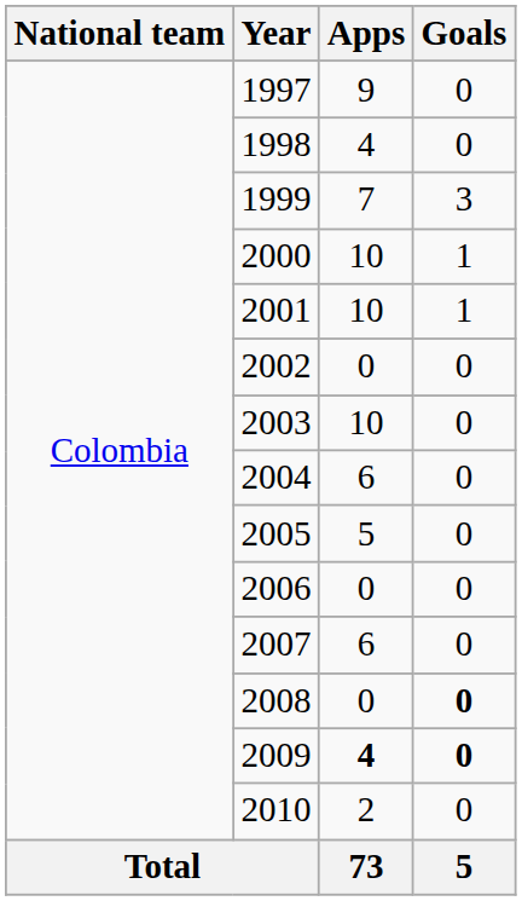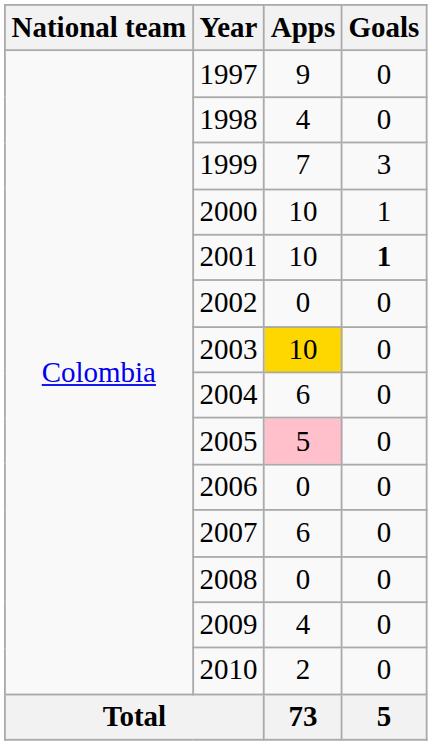 <table class="wikitable" style="text-align:center">
 <tr>
 <th>National team</th>
 <th>Year</th>
 <th>Apps</th>
 <th>Goals</th>
 </tr>
 <tr>
 <td rowspan="14"><a href='#'>Colombia</a></td>
 <td>1997</td>
 <td>9</td>
 <td>0</td>
 </tr>
 <tr>
 <td>1998</td>
 <td>4</td>
 <td>0</td>
 </tr>
 <tr>
 <td>1999</td>
 <td>7</td>
 <td>3</td>
 </tr>
 <tr>
 <td>2000</td>
 <td>10</td>
 <td>1</td>
 </tr>
 <tr>
 <td>2001</td>
 <td>10</td>
-<td>1</td>
+<td><strong>1</strong></td>
 </tr>
 <tr>
 <td>2002</td>
 <td>0</td>
 <td>0</td>
 </tr>
 <tr>
 <td>2003</td>
-<td>10</td>
+<td style="background: gold;">10</td>
 <td>0</td>
 </tr>
 <tr>
 <td>2004</td>
 <td>6</td>
 <td>0</td>
 </tr>
 <tr>
 <td>2005</td>
-<td>5</td>
+<td style="background: pink;">5</td>
 <td>0</td>
 </tr>
 <tr>
 <td>2006</td>
 <td>0</td>
 <td>0</td>
 </tr>
 <tr>
 <td>2007</td>
 <td>6</td>
 <td>0</td>
 </tr>
 <tr>
 <td>2008</td>
 <td>0</td>
-<td><strong>0</strong></td>
+<td>0</td>
 </tr>
 <tr>
 <td>2009</td>
-<td><strong>4</strong></td>
-<td><strong>0</strong></td>
+<td>4</td>
+<td>0</td>
 </tr>
 <tr>
 <td>2010</td>
 <td>2</td>
 <td>0</td>
 </tr>
 <tr>
 <th colspan="2">Total</th>
 <th>73</th>
 <th>5</th>
 </tr>
 </table>
